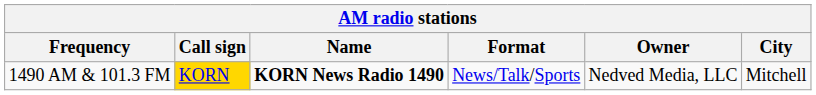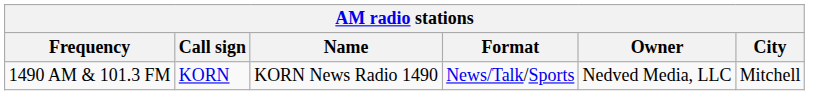 <table class="wikitable">
 <tr>
 <th align="center" colspan="6"><strong><a href='#'>AM radio</a> stations</strong></th>
 </tr>
 <tr>
 <th>Frequency</th>
 <th>Call sign</th>
 <th>Name</th>
 <th>Format</th>
 <th>Owner</th>
 <th>City</th>
 </tr>
 <tr>
 <td>1490 AM & 101.3 FM</td>
-<td style="background: gold;"><a href='#'>KORN</a></td>
-<td><strong>KORN News Radio 1490</strong></td>
+<td><a href='#'>KORN</a></td>
+<td>KORN News Radio 1490</td>
 <td><a href='#'>News/Talk</a>/<a href='#'>Sports</a></td>
 <td>Nedved Media, LLC</td>
 <td>Mitchell</td>
 </tr>
 </table>
